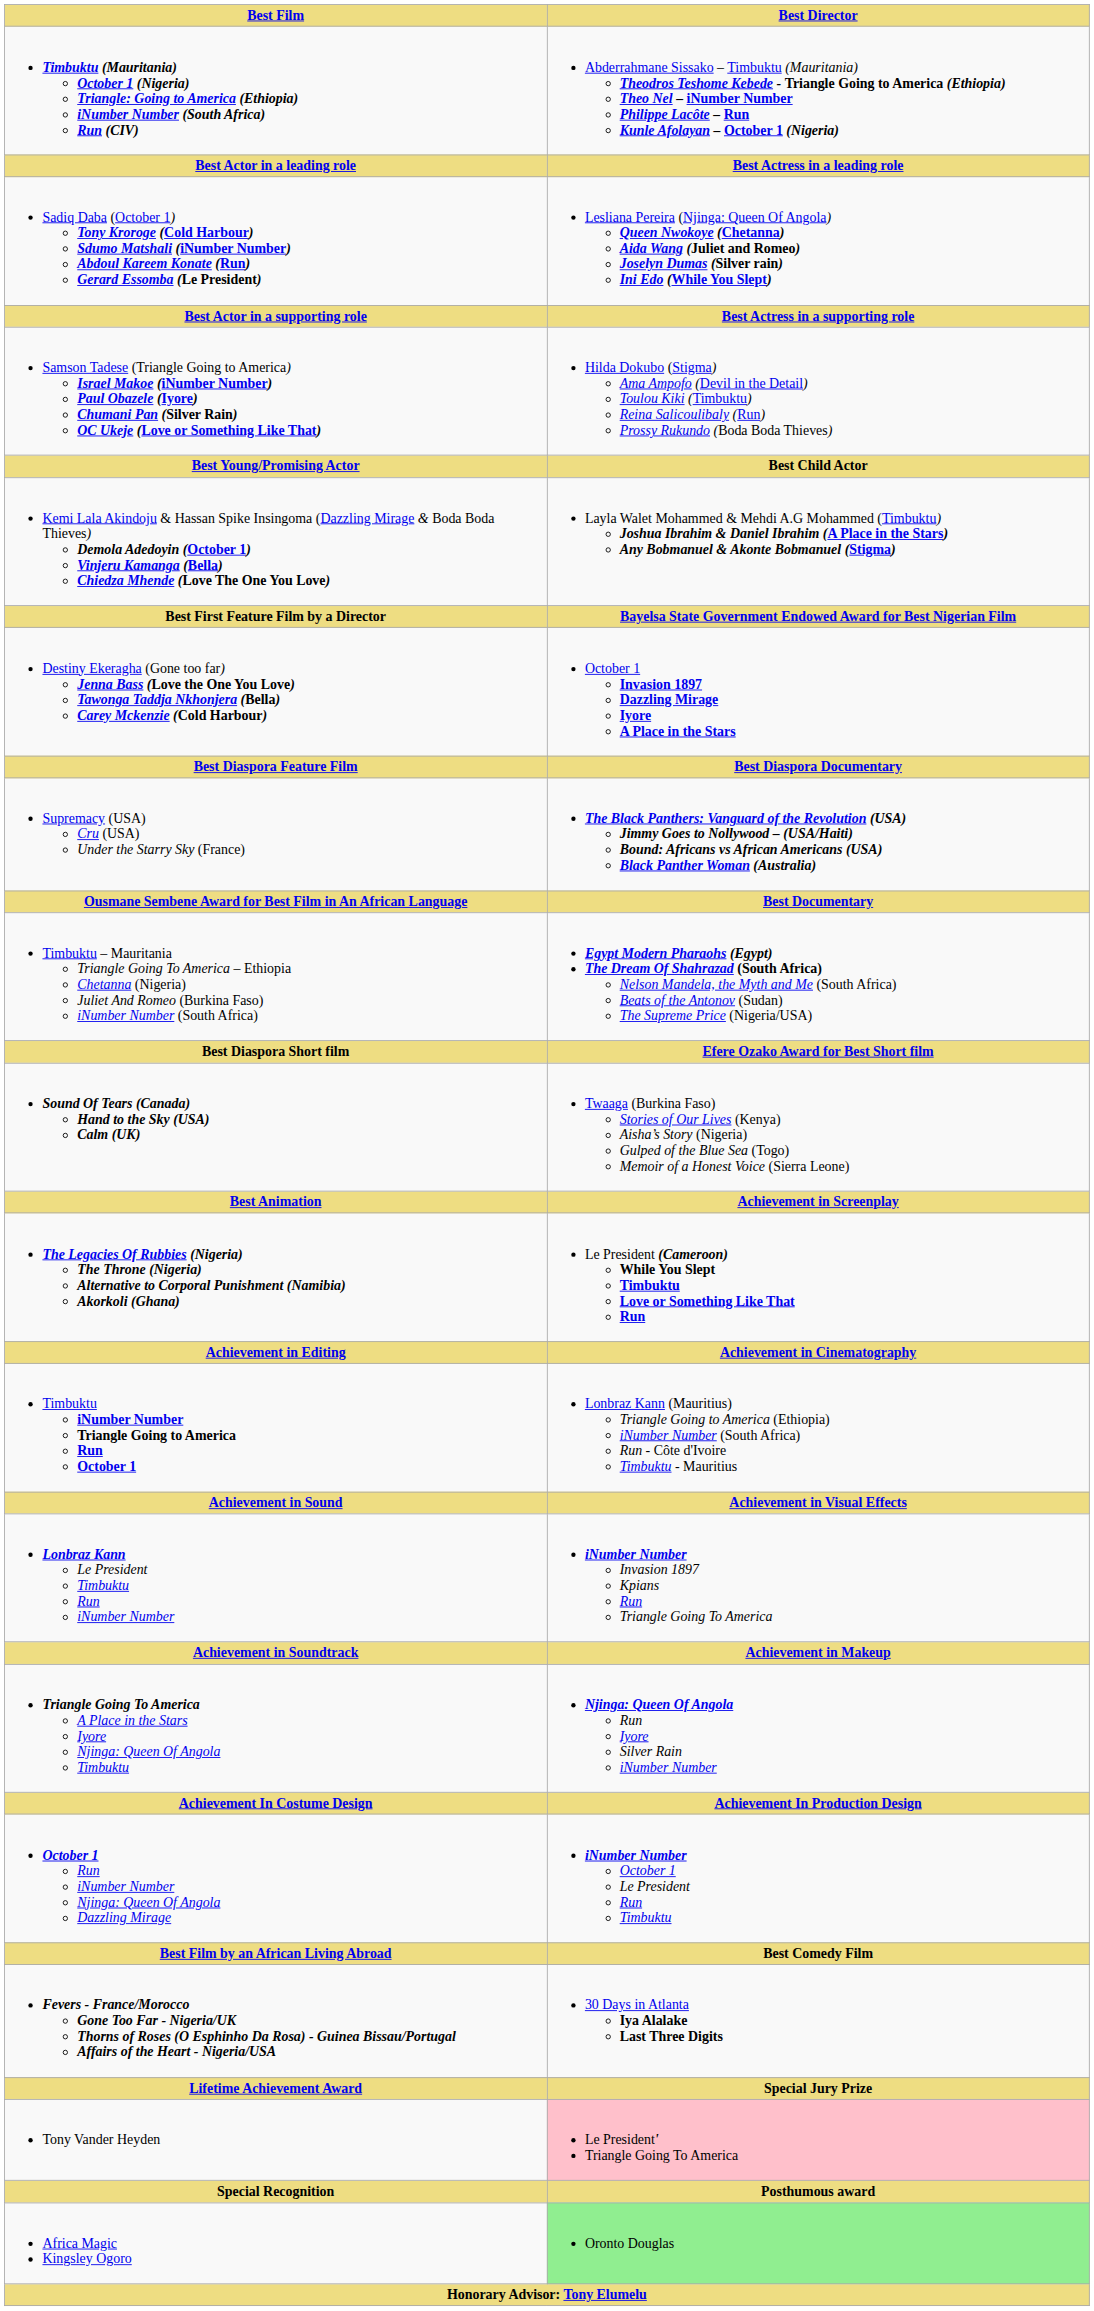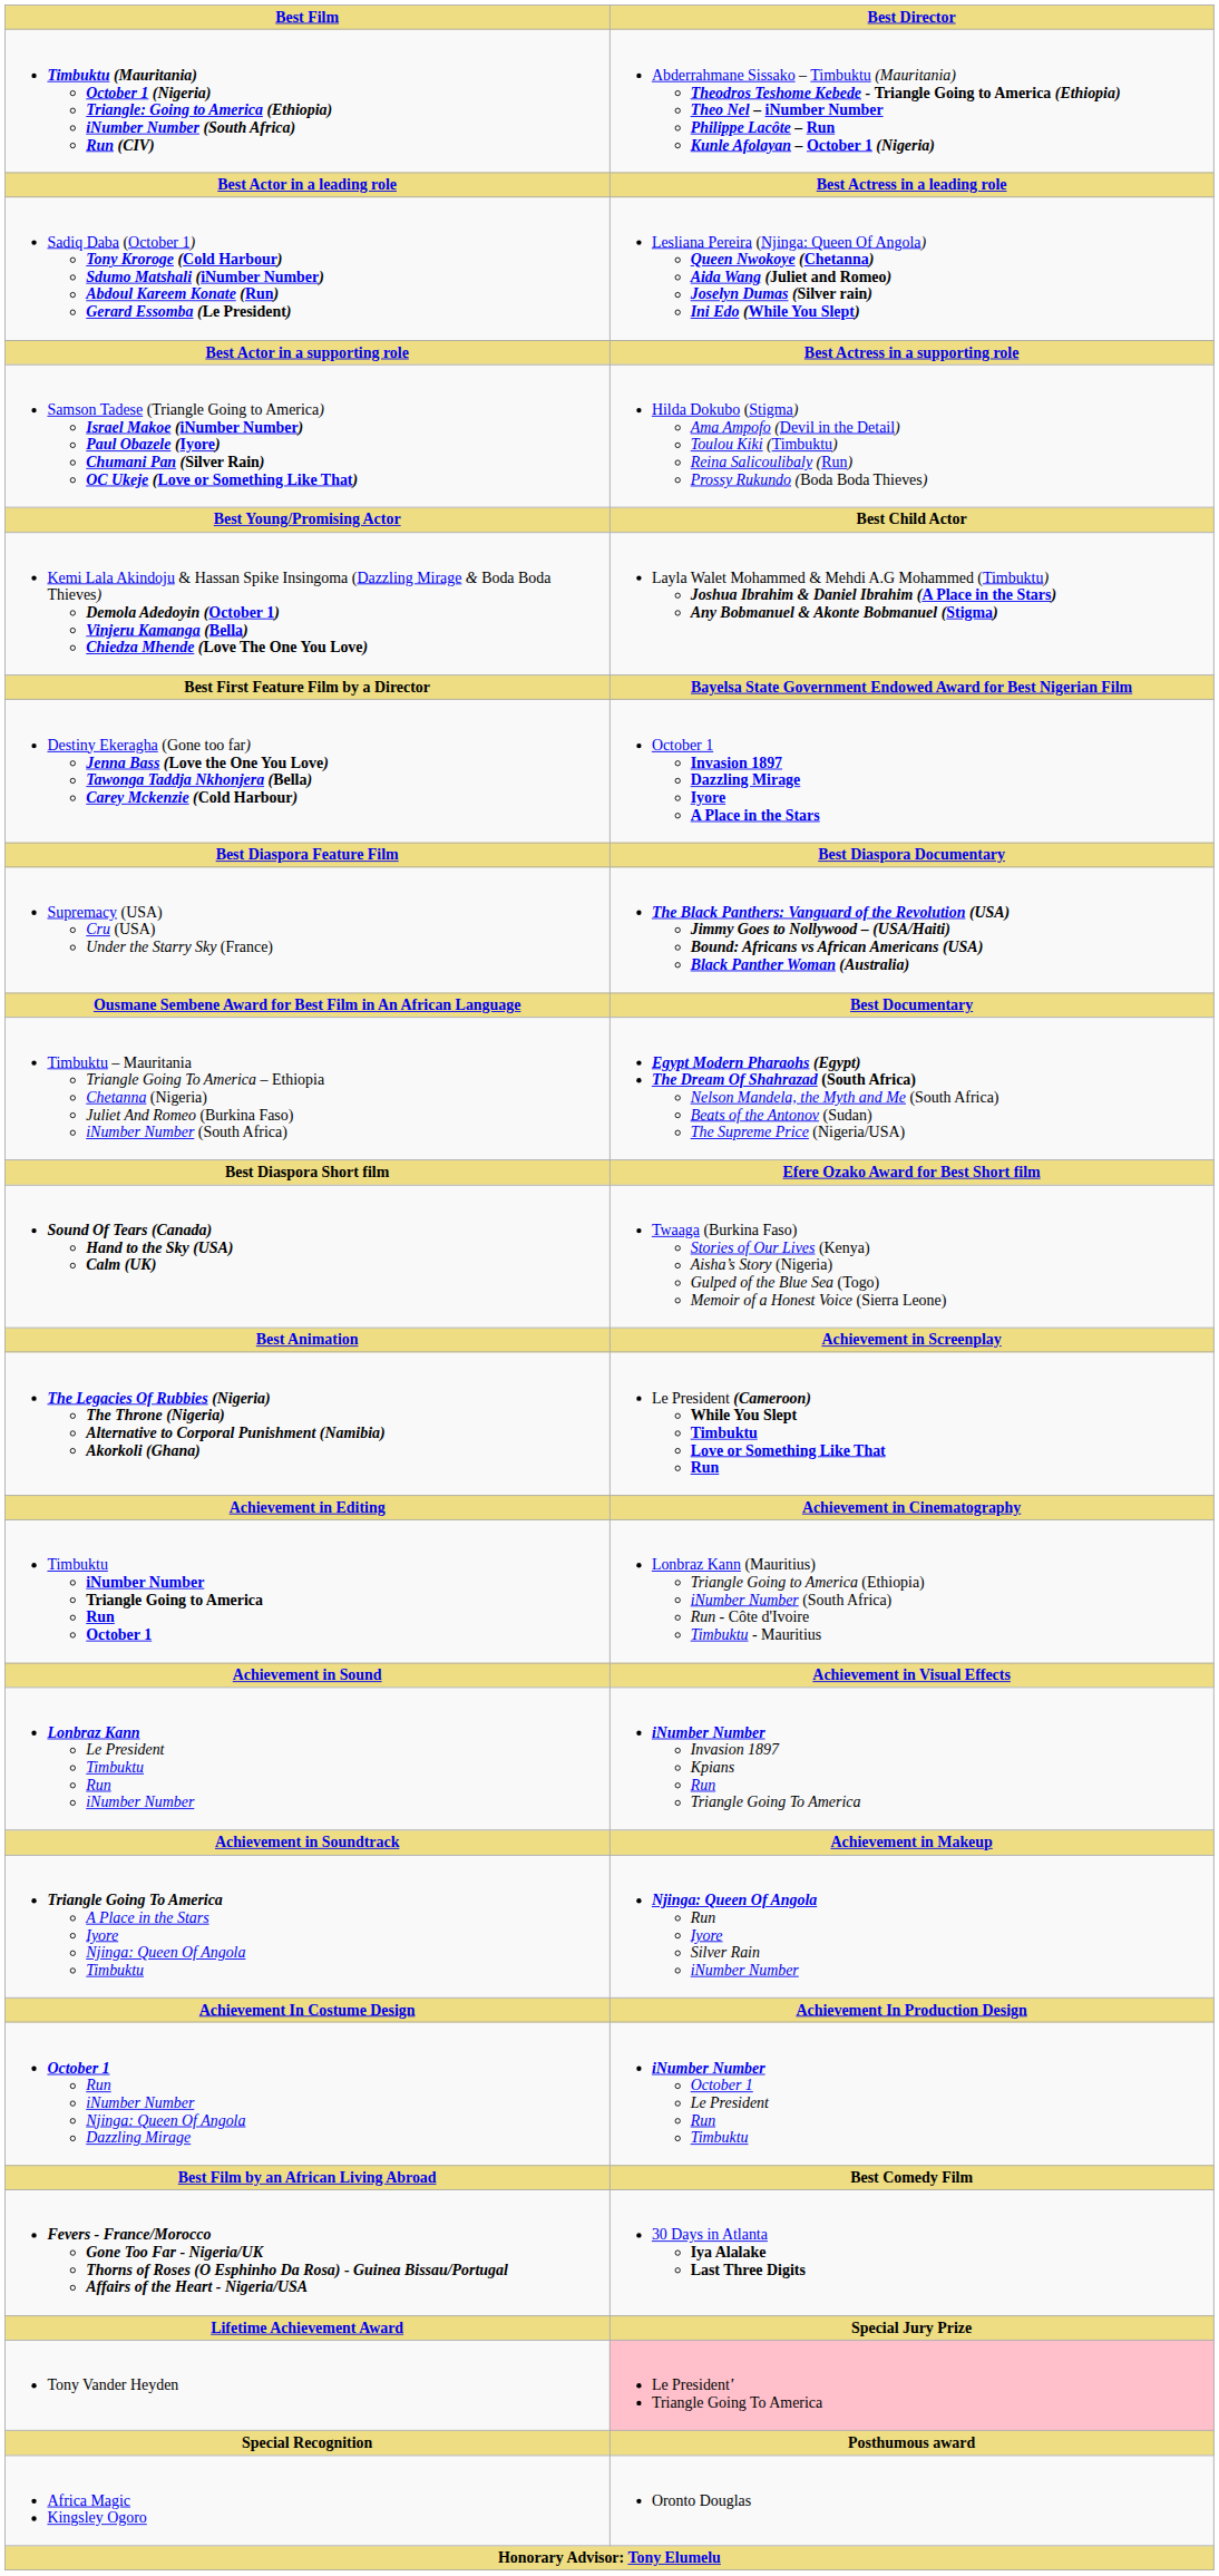 <table class="wikitable">
 <tr>
 <th style="background:#EEDD82; width:50%"><a href='#'>Best Film</a></th>
 <th style="background:#EEDD82; width:50%"><a href='#'>Best Director</a></th>
 </tr>
 <tr>
 <td valign="top"><br><ul><li><strong><em><a href='#'>Timbuktu</a><em> (Mauritania)<strong><ul><li></em><a href='#'>October 1</a><em> (Nigeria)</li><li></em><a href='#'>Triangle: Going to America</a><em> (Ethiopia)</li><li></em><a href='#'>iNumber Number</a><em> (South Africa)</li><li></em><a href='#'>Run</a><em> (CIV)</li></ul></li></ul></td>
 <td valign="top"><br><ul><li></strong><a href='#'>Abderrahmane Sissako</a> – </em><a href='#'>Timbuktu</a><em> (Mauritania)<strong><ul><li><a href='#'>Theodros Teshome Kebede</a> - </em>Triangle Going to America<em> (Ethiopia)</li><li><a href='#'>Theo Nel</a> – </em><a href='#'>iNumber Number</a><em></li><li><a href='#'>Philippe Lacôte</a> – </em><a href='#'>Run</a><em></li><li><a href='#'>Kunle Afolayan</a> – </em><a href='#'>October 1</a><em> (Nigeria)</li></ul></li></ul></td>
 </tr>
 <tr>
 <th style="background:#EEDD82; width:50%"><a href='#'>Best Actor in a leading role</a></th>
 <th style="background:#EEDD82; width:50%"><a href='#'>Best Actress in a leading role</a></th>
 </tr>
 <tr>
 <td valign="top"><br><ul><li></strong><a href='#'>Sadiq Daba</a> (</em><a href='#'>October 1</a><em>)<strong><ul><li><a href='#'>Tony Kroroge</a> (</em><a href='#'>Cold Harbour</a><em>)</li><li><a href='#'>Sdumo Matshali</a> (</em><a href='#'>iNumber Number</a><em>)</li><li><a href='#'>Abdoul Kareem Konate</a> (</em><a href='#'>Run</a><em>)</li><li><a href='#'>Gerard Essomba</a> (</em>Le President<em>)</li></ul></li></ul></td>
 <td valign="top"><br><ul><li></strong><a href='#'>Lesliana Pereira</a> (</em><a href='#'>Njinga: Queen Of Angola</a><em>)<strong><ul><li><a href='#'>Queen Nwokoye</a> (</em><a href='#'>Chetanna</a><em>)</li><li><a href='#'>Aida Wang</a> (</em>Juliet and Romeo<em>)</li><li><a href='#'>Joselyn Dumas</a> (</em>Silver rain<em>)</li><li><a href='#'>Ini Edo</a> (</em><a href='#'>While You Slept</a><em>)</li></ul></li></ul></td>
 </tr>
 <tr>
 <th style="background:#EEDD82; width:50%"><a href='#'>Best Actor in a supporting role</a></th>
 <th style="background:#EEDD82; width:50%"><a href='#'>Best Actress in a supporting role</a></th>
 </tr>
 <tr>
 <td valign="top"><br><ul><li></strong><a href='#'>Samson Tadese</a> (</em>Triangle Going to America<em>)<strong><ul><li><a href='#'>Israel Makoe</a> (</em><a href='#'>iNumber Number</a><em>)</li><li><a href='#'>Paul Obazele</a> (</em><a href='#'>Iyore</a><em>)</li><li><a href='#'>Chumani Pan</a> (</em>Silver Rain<em>)</li><li><a href='#'>OC Ukeje</a> (</em><a href='#'>Love or Something Like That</a><em>)</li></ul></li></ul></td>
 <td valign="top"><br><ul><li><a href='#'>Hilda Dokubo</a> (</em><a href='#'>Stigma</a><em>)<ul><li><a href='#'>Ama Ampofo</a> (</em><a href='#'>Devil in the Detail</a><em>)</li><li><a href='#'>Toulou Kiki</a> (</em><a href='#'>Timbuktu</a><em>)</li><li><a href='#'>Reina Salicoulibaly</a> (</em><a href='#'>Run</a><em>)</li><li><a href='#'>Prossy Rukundo</a> (</em>Boda Boda Thieves<em>)</li></ul></li></ul></td>
 </tr>
 <tr>
 <th style="background:#EEDD82; width:50%"><a href='#'>Best Young/Promising Actor</a></th>
 <th style="background:#EEDD82; width:50%">Best Child Actor</th>
 </tr>
 <tr>
 <td valign="top"><br><ul><li></strong><a href='#'>Kemi Lala Akindoju</a> & Hassan Spike Insingoma (</em><a href='#'>Dazzling Mirage</a><em> & </em>Boda Boda Thieves<em>)<strong><ul><li>Demola Adedoyin (</em><a href='#'>October 1</a><em>)</li><li><a href='#'>Vinjeru Kamanga</a> (</em><a href='#'>Bella</a><em>)</li><li><a href='#'>Chiedza Mhende</a> (</em>Love The One You Love<em>)</li></ul></li></ul></td>
 <td valign="top"><br><ul><li></strong>Layla Walet Mohammed & Mehdi A.G Mohammed (</em><a href='#'>Timbuktu</a><em>)<strong><ul><li>Joshua Ibrahim & Daniel Ibrahim (</em><a href='#'>A Place in the Stars</a><em>)</li><li>Any Bobmanuel & Akonte Bobmanuel (</em><a href='#'>Stigma</a><em>)</li></ul></li></ul></td>
 </tr>
 <tr>
 <th style="background:#EEDD82; width:50%">Best First Feature Film by a Director</th>
 <th style="background:#EEDD82; width:50%"><a href='#'>Bayelsa State Government Endowed Award for Best Nigerian Film</a></th>
 </tr>
 <tr>
 <td valign="top"><br><ul><li></strong><a href='#'>Destiny Ekeragha</a> (</em>Gone too far<em>)<strong><ul><li><a href='#'>Jenna Bass</a> (</em>Love the One You Love<em>)</li><li><a href='#'>Tawonga Taddja Nkhonjera</a> (</em>Bella<em>)</li><li><a href='#'>Carey Mckenzie</a> (</em>Cold Harbour<em>)</li></ul></li></ul></td>
 <td valign="top"><br><ul><li></em></strong><a href='#'>October 1</a><strong><em><ul><li></em><a href='#'>Invasion 1897</a><em></li><li></em><a href='#'>Dazzling Mirage</a><em></li><li></em><a href='#'>Iyore</a><em></li><li></em><a href='#'>A Place in the Stars</a><em></li></ul></li></ul></td>
 </tr>
 <tr>
 <th style="background:#EEDD82; width:50%"><a href='#'>Best Diaspora Feature Film</a></th>
 <th style="background:#EEDD82; width:50%"><a href='#'>Best Diaspora Documentary</a></th>
 </tr>
 <tr>
 <td valign="top"><br><ul><li></em></strong><a href='#'>Supremacy</a></em> (USA)</strong><ul><li><em><a href='#'>Cru</a></em> (USA)</li><li><em>Under the Starry Sky</em> (France)</li></ul></li></ul></td>
 <td valign="top"><br><ul><li><strong><em><a href='#'>The Black Panthers: Vanguard of the Revolution</a><em> (USA)<strong><ul><li></em>Jimmy Goes to Nollywood<em> – (USA/Haiti)</li><li></em>Bound: Africans vs African Americans<em> (USA)</li><li></em><a href='#'>Black Panther Woman</a><em> (Australia)</li></ul></li></ul></td>
 </tr>
 <tr>
 <th style="background:#EEDD82; width:50%"><a href='#'>Ousmane Sembene Award for Best Film in An African Language</a></th>
 <th style="background:#EEDD82; width:50%"><a href='#'>Best Documentary</a></th>
 </tr>
 <tr>
 <td valign="top"><br><ul><li></em></strong><a href='#'>Timbuktu</a></em> – Mauritania</strong><ul><li><em>Triangle Going To America</em> – Ethiopia</li><li><em><a href='#'>Chetanna</a></em> (Nigeria)</li><li><em>Juliet And Romeo</em> (Burkina Faso)</li><li><em><a href='#'>iNumber Number</a></em> (South Africa)</li></ul></li></ul></td>
 <td valign="top"><br><ul><li><strong><em><a href='#'>Egypt Modern Pharaohs</a><em> (Egypt)<strong></li><li></em></strong><a href='#'>The Dream Of Shahrazad</a></em> (South Africa)</strong><ul><li><em><a href='#'>Nelson Mandela, the Myth and Me</a></em> (South Africa)</li><li><em><a href='#'>Beats of the Antonov</a></em> (Sudan)</li><li><em><a href='#'>The Supreme Price</a></em> (Nigeria/USA)</li></ul></li></ul></td>
 </tr>
 <tr>
 <th style="background:#EEDD82; width:50%">Best Diaspora Short film</th>
 <th style="background:#EEDD82; width:50%"><a href='#'>Efere Ozako Award for Best Short film</a></th>
 </tr>
 <tr>
 <td valign="top"><br><ul><li><strong><em>Sound Of Tears<em> (Canada)<strong><ul><li></em>Hand to the Sky<em> (USA)</li><li></em>Calm<em> (UK)</li></ul></li></ul></td>
 <td valign="top"><br><ul><li></em></strong><a href='#'>Twaaga</a></em> (Burkina Faso)</strong><ul><li><em><a href='#'>Stories of Our Lives</a></em> (Kenya)</li><li><em>Aisha’s Story</em> (Nigeria)</li><li><em>Gulped of the Blue Sea</em> (Togo)</li><li><em>Memoir of a Honest Voice</em> (Sierra Leone)</li></ul></li></ul></td>
 </tr>
 <tr>
 <th style="background:#EEDD82; width:50%"><a href='#'>Best Animation</a></th>
 <th style="background:#EEDD82; width:50%"><a href='#'>Achievement in Screenplay</a></th>
 </tr>
 <tr>
 <td valign="top"><br><ul><li><strong><em><a href='#'>The Legacies Of Rubbies</a><em> (Nigeria)<strong><ul><li></em>The Throne<em> (Nigeria)</li><li></em>Alternative to Corporal Punishment<em> (Namibia)</li><li></em>Akorkoli<em> (Ghana)</li></ul></li></ul></td>
 <td valign="top"><br><ul><li></em></strong>Le President<strong><em> (Cameroon)<ul><li></em>While You Slept<em></li><li></em><a href='#'>Timbuktu</a><em></li><li></em><a href='#'>Love or Something Like That</a><em></li><li></em><a href='#'>Run</a><em></li></ul></li></ul></td>
 </tr>
 <tr>
 <th style="background:#EEDD82; width:50%"><a href='#'>Achievement in Editing</a></th>
 <th style="background:#EEDD82; width:50%"><a href='#'>Achievement in Cinematography</a></th>
 </tr>
 <tr>
 <td valign="top"><br><ul><li></em></strong><a href='#'>Timbuktu</a><strong><em><ul><li></em><a href='#'>iNumber Number</a><em></li><li></em>Triangle Going to America<em></li><li></em><a href='#'>Run</a><em></li><li></em><a href='#'>October 1</a><em></li></ul></li></ul></td>
 <td valign="top"><br><ul><li></em></strong><a href='#'>Lonbraz Kann</a></em> (Mauritius)</strong><ul><li><em>Triangle Going to America</em> (Ethiopia)</li><li><em><a href='#'>iNumber Number</a></em> (South Africa)</li><li><em>Run</em> - Côte d'Ivoire</li><li><em><a href='#'>Timbuktu</a></em> - Mauritius</li></ul></li></ul></td>
 </tr>
 <tr>
 <th style="background:#EEDD82; width:50%"><a href='#'>Achievement in Sound</a></th>
 <th style="background:#EEDD82; width:50%"><a href='#'>Achievement in Visual Effects</a></th>
 </tr>
 <tr>
 <td valign="top"><br><ul><li><strong><em><a href='#'>Lonbraz Kann</a></em></strong><ul><li><em>Le President</em></li><li><em><a href='#'>Timbuktu</a></em></li><li><em><a href='#'>Run</a></em></li><li><em><a href='#'>iNumber Number</a></em></li></ul></li></ul></td>
 <td valign="top"><br><ul><li><strong><em><a href='#'>iNumber Number</a></em></strong><ul><li><em>Invasion 1897</em></li><li><em>Kpians</em></li><li><em><a href='#'>Run</a></em></li><li><em>Triangle Going To America</em></li></ul></li></ul></td>
 </tr>
 <tr>
 <th style="background:#EEDD82; width:50%"><a href='#'>Achievement in Soundtrack</a></th>
 <th style="background:#EEDD82; width:50%"><a href='#'>Achievement in Makeup</a></th>
 </tr>
 <tr>
 <td valign="top"><br><ul><li><strong><em>Triangle Going To America</em></strong><ul><li><em><a href='#'>A Place in the Stars</a></em></li><li><em><a href='#'>Iyore</a></em></li><li><em><a href='#'>Njinga: Queen Of Angola</a></em></li><li><em><a href='#'>Timbuktu</a></em></li></ul></li></ul></td>
 <td valign="top"><br><ul><li><strong><em><a href='#'>Njinga: Queen Of Angola</a></em></strong><ul><li><em>Run</em></li><li><em><a href='#'>Iyore</a></em></li><li><em>Silver Rain</em></li><li><em><a href='#'>iNumber Number</a></em></li></ul></li></ul></td>
 </tr>
 <tr>
 <th style="background:#EEDD82; width:50%"><a href='#'>Achievement In Costume Design</a></th>
 <th style="background:#EEDD82; width:50%"><a href='#'>Achievement In Production Design</a></th>
 </tr>
 <tr>
 <td valign="top"><br><ul><li><strong><em><a href='#'>October 1</a></em></strong><ul><li><em><a href='#'>Run</a></em></li><li><em><a href='#'>iNumber Number</a></em></li><li><em><a href='#'>Njinga: Queen Of Angola</a></em></li><li><em><a href='#'>Dazzling Mirage</a></em></li></ul></li></ul></td>
 <td valign="top"><br><ul><li><strong><em><a href='#'>iNumber Number</a></em></strong><ul><li><em><a href='#'>October 1</a></em></li><li><em>Le President</em></li><li><em><a href='#'>Run</a></em></li><li><em><a href='#'>Timbuktu</a></em></li></ul></li></ul></td>
 </tr>
 <tr>
 <th style="background:#EEDD82; width:50%"><a href='#'>Best Film by an African Living Abroad</a></th>
 <th style="background:#EEDD82; width:50%">Best Comedy Film</th>
 </tr>
 <tr>
 <td valign="top"><br><ul><li><strong><em>Fevers<em> - France/Morocco<strong><ul><li></em>Gone Too Far<em> - Nigeria/UK</li><li></em>Thorns of Roses (O Esphinho Da Rosa)<em> - Guinea Bissau/Portugal</li><li></em>Affairs of the Heart<em> - Nigeria/USA</li></ul></li></ul></td>
 <td valign="top"><br><ul><li></em></strong><a href='#'>30 Days in Atlanta</a><strong><em><ul><li></em>Iya Alalake<em></li><li></em>Last Three Digits<em></li></ul></li></ul></td>
 </tr>
 <tr>
 <th style="background:#EEDD82; width:50%"><a href='#'>Lifetime Achievement Award</a></th>
 <th style="background:#EEDD82; width:50%">Special Jury Prize</th>
 </tr>
 <tr>
 <td valign="top"><br><ul><li></strong>Tony Vander Heyden<strong></li></ul></td>
 <td valign="top" style="background: pink;"><br><ul><li></em></strong>Le President<strong><em>'</li><li></em></strong>Triangle Going To America<strong><em></li></ul></td>
 </tr>
 <tr>
 <th style="background:#EEDD82; width:50%">Special Recognition</th>
 <th style="background:#EEDD82; width:50%">Posthumous award</th>
 </tr>
 <tr>
 <td valign="top"><br><ul><li></strong><a href='#'>Africa Magic</a><strong></li><li></strong><a href='#'>Kingsley Ogoro</a><strong></li></ul></td>
-<td valign="top" style="background: lightgreen;"><br><ul><li></strong>Oronto Douglas<strong></li></ul></td>
+<td valign="top"><br><ul><li></strong>Oronto Douglas<strong></li></ul></td>
 </tr>
 <tr>
 <th align="center" colspan="7" style="background:#EEDD82; width:90%">Honorary Advisor: <a href='#'>Tony Elumelu</a></th>
 </tr>
 </table>
